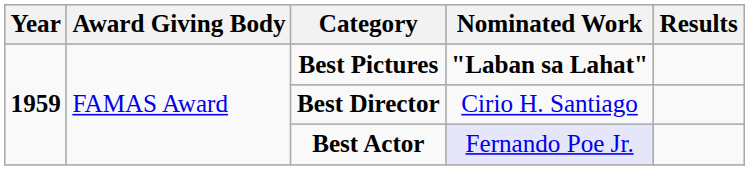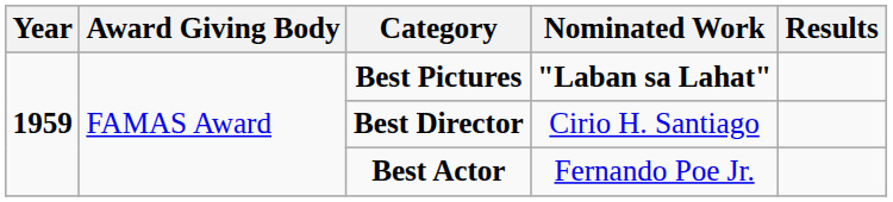 <table class="wikitable">
 <tr>
 <th>Year</th>
 <th>Award Giving Body</th>
 <th>Category</th>
 <th>Nominated Work</th>
 <th>Results</th>
 </tr>
 <tr>
 <td rowspan=3><strong>1959</strong></td>
 <td rowspan=3><a href='#'>FAMAS Award</a></td>
 <td align=center><strong>Best Pictures</strong></td>
 <td align="center"><strong>"Laban sa Lahat"</strong></td>
 <td></td>
 </tr>
 <tr>
 <td align=center><strong>Best Director</strong></td>
 <td align=center><a href='#'>Cirio H. Santiago</a></td>
 <td></td>
 </tr>
 <tr>
 <td align=center><strong>Best Actor</strong></td>
-<td align=center style="background: lavender;"><a href='#'>Fernando Poe Jr.</a></td>
+<td align=center><a href='#'>Fernando Poe Jr.</a></td>
 <td></td>
 </tr>
 </table>
